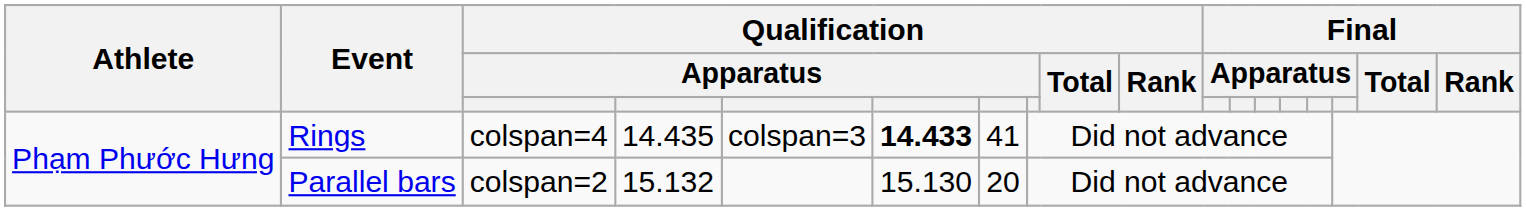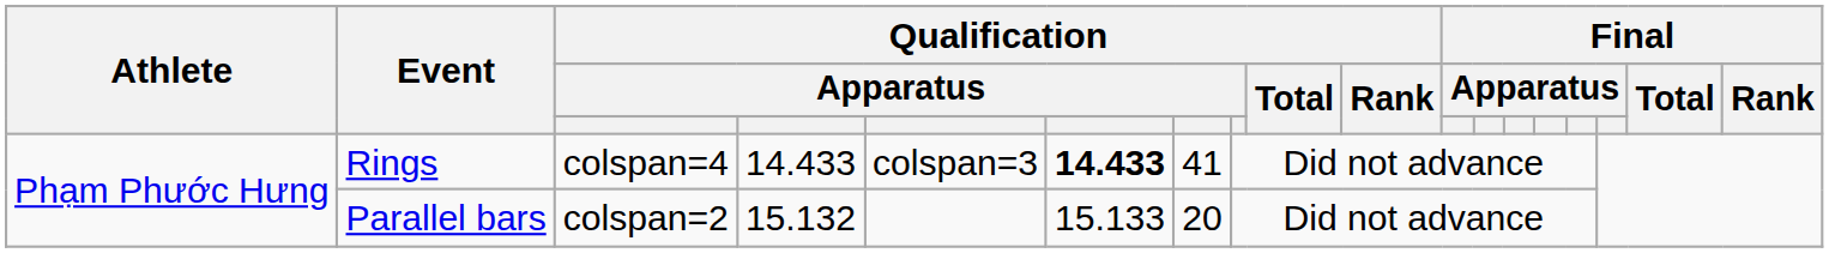 <table class="wikitable" style="font-size:90%">
 <tr>
 <th rowspan=3>Athlete</th>
 <th rowspan=3>Event</th>
 <th colspan =8>Qualification</th>
 <th colspan =8>Final</th>
 </tr>
 <tr style="font-size:95%">
 <th colspan=6>Apparatus</th>
 <th rowspan=2>Total</th>
 <th rowspan=2>Rank</th>
 <th colspan=6>Apparatus</th>
 <th rowspan=2>Total</th>
 <th rowspan=2>Rank</th>
 </tr>
 <tr style="font-size:95%">
 <th></th>
 <th></th>
 <th></th>
 <th></th>
 <th></th>
 <th></th>
 <th></th>
 <th></th>
 <th></th>
 <th></th>
 <th></th>
 <th></th>
 </tr>
 <tr align=center>
 <td align=left rowspan=2><a href='#'>Phạm Phước Hưng</a></td>
 <td align=left><a href='#'>Rings</a></td>
 <td>colspan=4 </td>
-<td>14.435</td>
+<td>14.433</td>
 <td>colspan=3 </td>
 <td><strong>14.433</strong></td>
 <td>41</td>
 <td colspan=8>Did not advance</td>
 </tr>
 <tr align=center>
 <td align=left><a href='#'>Parallel bars</a></td>
 <td>colspan=2 </td>
 <td>15.132</td>
 <td></td>
-<td>15.130</td>
+<td>15.133</td>
 <td>20</td>
 <td colspan=8>Did not advance</td>
 </tr>
 </table>
